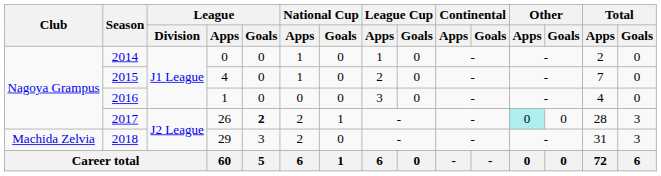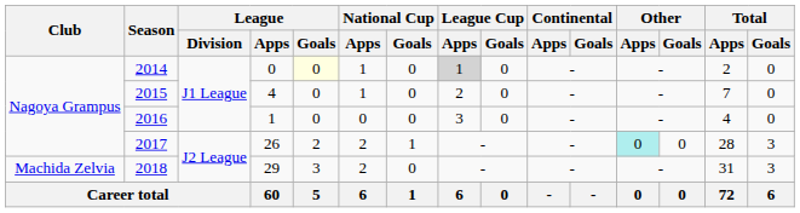 <table class="wikitable" style="text-align: center;">
 <tr>
 <th rowspan="2">Club</th>
 <th rowspan="2">Season</th>
 <th colspan="3">League</th>
 <th colspan="2">National Cup</th>
 <th colspan="2">League Cup</th>
 <th colspan="2">Continental</th>
 <th colspan="2">Other</th>
 <th colspan="2">Total</th>
 </tr>
 <tr>
 <th>Division</th>
 <th>Apps</th>
 <th>Goals</th>
 <th>Apps</th>
 <th>Goals</th>
 <th>Apps</th>
 <th>Goals</th>
 <th>Apps</th>
 <th>Goals</th>
 <th>Apps</th>
 <th>Goals</th>
 <th>Apps</th>
 <th>Goals</th>
 </tr>
 <tr>
 <td rowspan="4"><a href='#'>Nagoya Grampus</a></td>
 <td><a href='#'>2014</a></td>
 <td rowspan="3"><a href='#'>J1 League</a></td>
 <td>0</td>
-<td>0</td>
+<td style="background: lightyellow;">0</td>
 <td>1</td>
 <td>0</td>
-<td>1</td>
+<td style="background: lightgrey;">1</td>
 <td>0</td>
 <td colspan="2">-</td>
 <td colspan="2">-</td>
 <td>2</td>
 <td>0</td>
 </tr>
 <tr>
 <td><a href='#'>2015</a></td>
 <td>4</td>
 <td>0</td>
 <td>1</td>
 <td>0</td>
 <td>2</td>
 <td>0</td>
 <td colspan="2">-</td>
 <td colspan="2">-</td>
 <td>7</td>
 <td>0</td>
 </tr>
 <tr>
 <td><a href='#'>2016</a></td>
 <td>1</td>
 <td>0</td>
 <td>0</td>
 <td>0</td>
 <td>3</td>
 <td>0</td>
 <td colspan="2">-</td>
 <td colspan="2">-</td>
 <td>4</td>
 <td>0</td>
 </tr>
 <tr>
 <td><a href='#'>2017</a></td>
 <td rowspan="2"><a href='#'>J2 League</a></td>
 <td>26</td>
-<td><strong>2</strong></td>
+<td>2</td>
 <td>2</td>
 <td>1</td>
 <td colspan="2">-</td>
 <td colspan="2">-</td>
 <td style="background: paleturquoise;">0</td>
 <td>0</td>
 <td>28</td>
 <td>3</td>
 </tr>
 <tr>
 <td><a href='#'>Machida Zelvia</a></td>
 <td><a href='#'>2018</a></td>
 <td>29</td>
 <td>3</td>
 <td>2</td>
 <td>0</td>
 <td colspan="2">-</td>
 <td colspan="2">-</td>
 <td colspan="2">-</td>
 <td>31</td>
 <td>3</td>
 </tr>
 <tr>
 <th colspan="3">Career total</th>
 <th>60</th>
 <th>5</th>
 <th>6</th>
 <th>1</th>
 <th>6</th>
 <th>0</th>
 <th>-</th>
 <th>-</th>
 <th>0</th>
 <th>0</th>
 <th>72</th>
 <th>6</th>
 </tr>
 </table>
